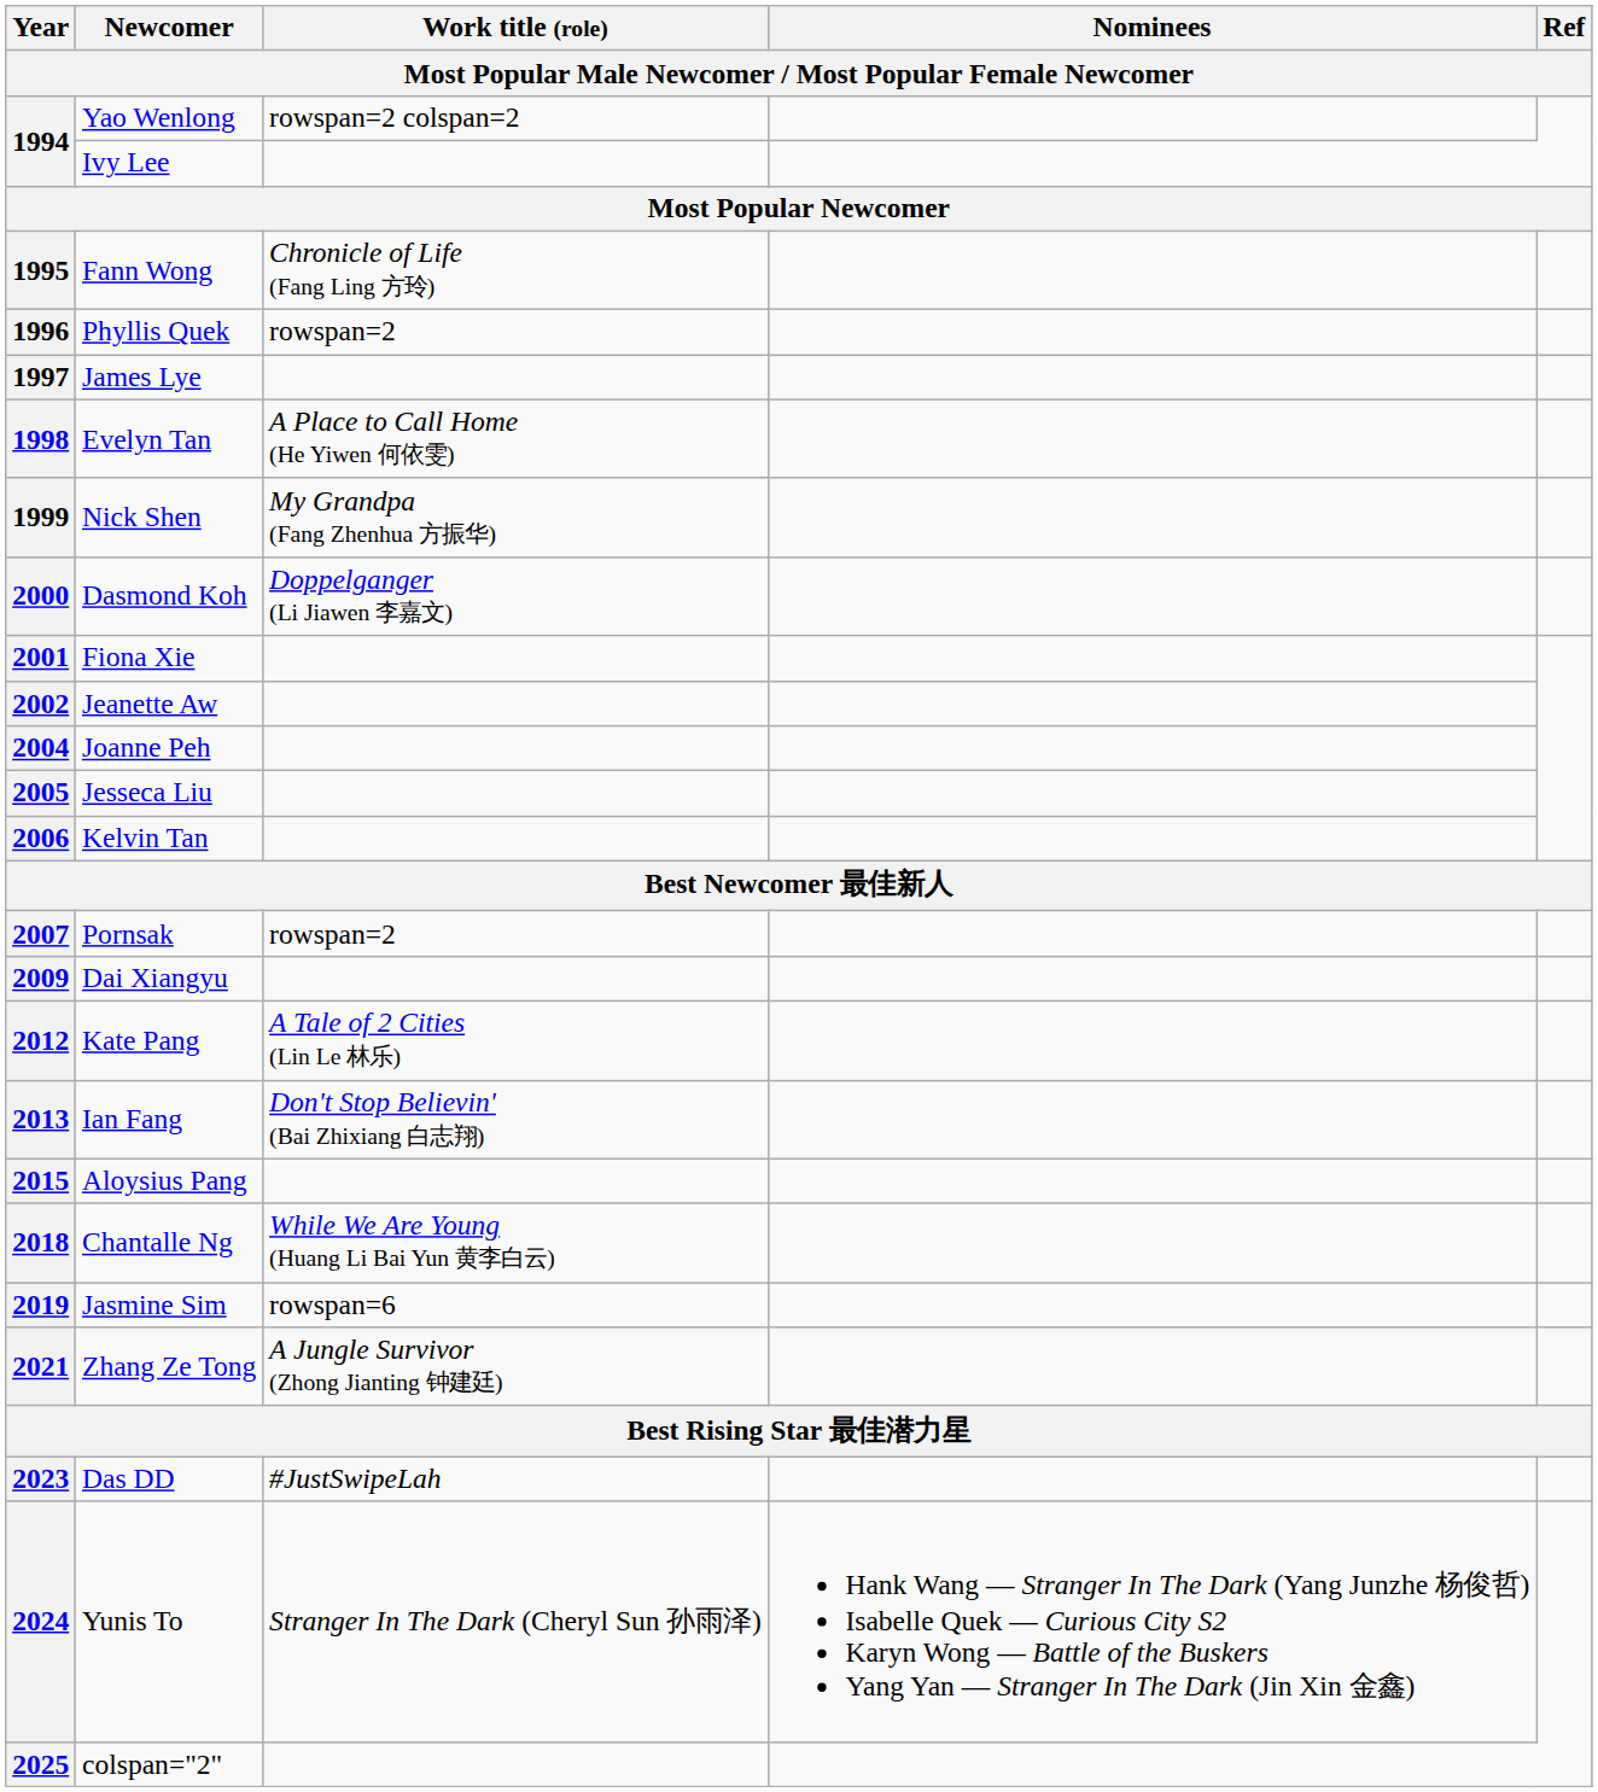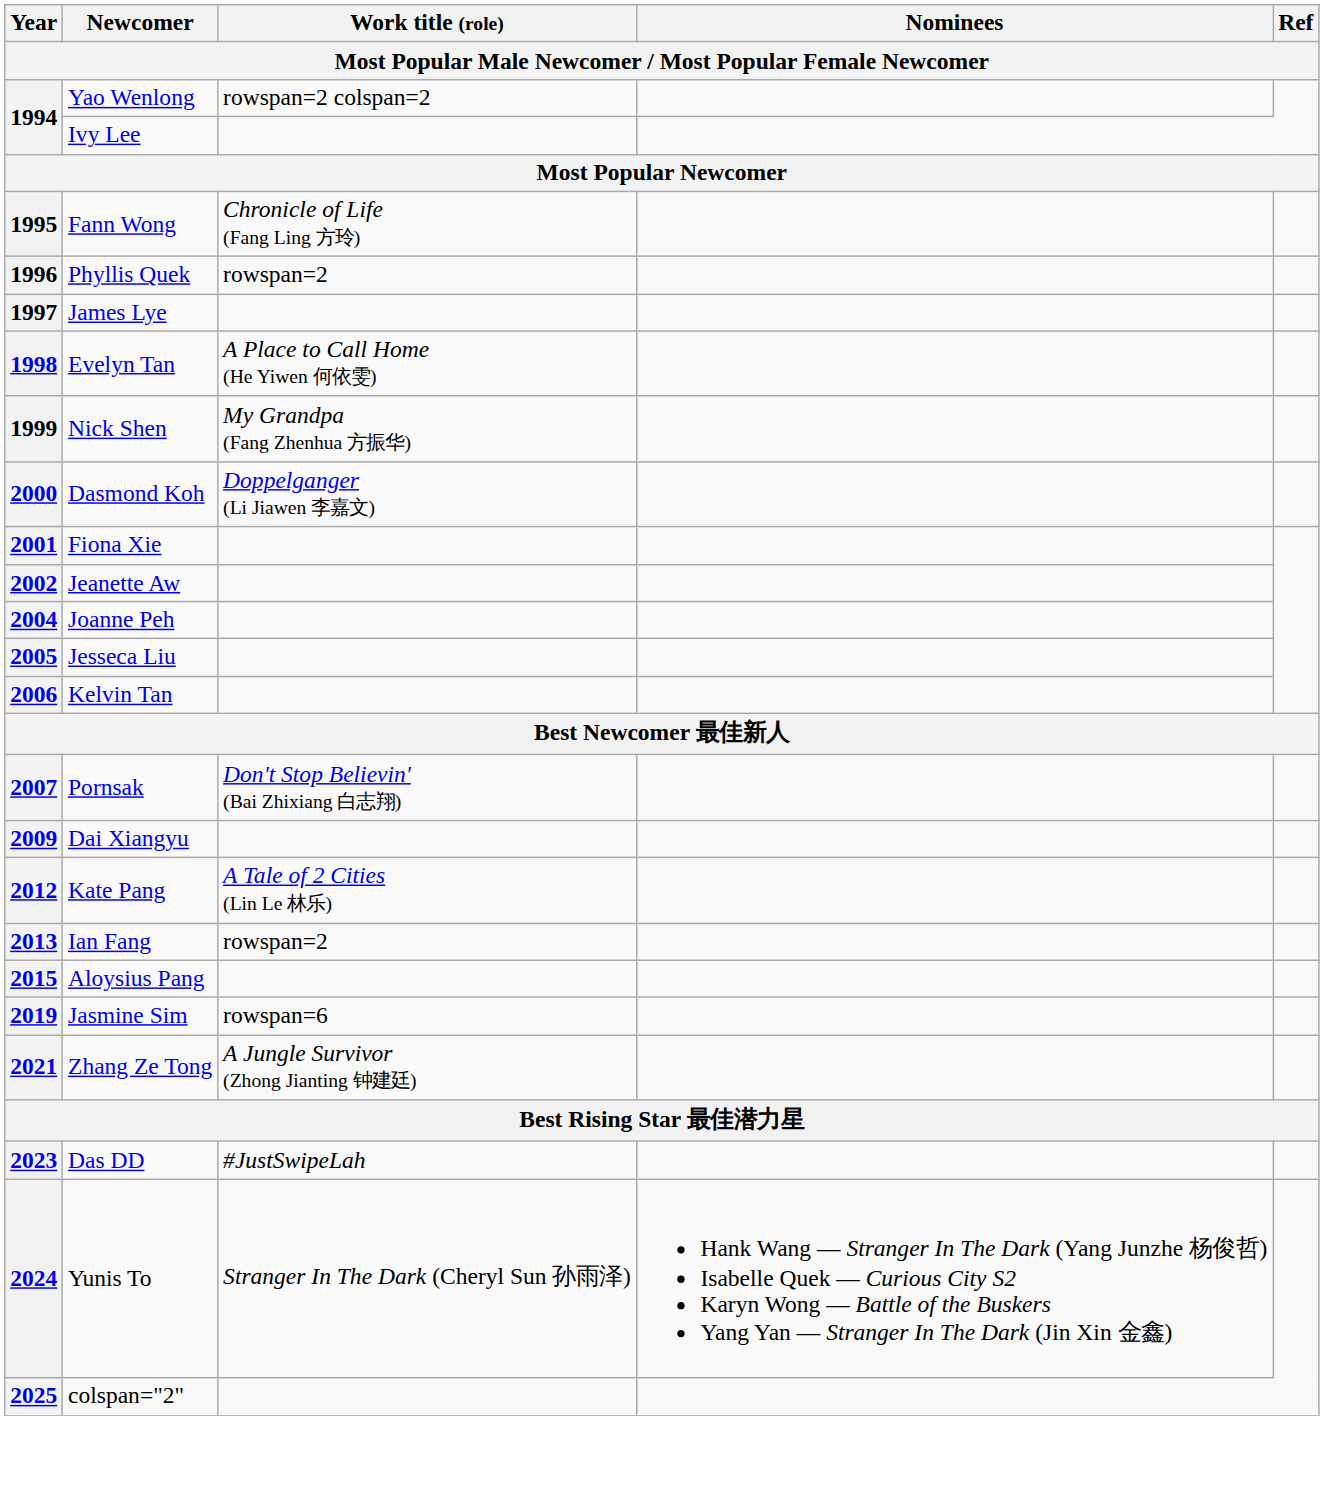 <table class="wikitable sortable">
 <tr>
 <th>Year</th>
 <th>Newcomer</th>
 <th>Work title <small>(role)</small></th>
 <th>Nominees</th>
 <th class="unsortable">Ref</th>
 </tr>
 <tr>
 <th colspan="5"><strong>Most Popular Male Newcomer / Most Popular Female Newcomer</strong></th>
 </tr>
 <tr>
 <th rowspan="2" scope="row">1994</th>
 <td><a href='#'>Yao Wenlong</a></td>
 <td>rowspan=2 colspan=2 </td>
 <td></td>
 </tr>
 <tr>
 <td><a href='#'>Ivy Lee</a></td>
 <td></td>
 </tr>
 <tr>
 <th colspan="5"><strong>Most Popular Newcomer</strong></th>
 </tr>
 <tr>
 <th scope="row">1995</th>
 <td><a href='#'>Fann Wong</a></td>
 <td><em>Chronicle of Life</em><br><small>(Fang Ling 方玲)</small></td>
 <td></td>
 <td></td>
 </tr>
 <tr>
 <th scope="row">1996</th>
 <td><a href='#'>Phyllis Quek</a></td>
 <td>rowspan=2 </td>
 <td></td>
 <td></td>
 </tr>
 <tr>
 <th scope="row">1997</th>
 <td><a href='#'>James Lye</a></td>
 <td></td>
 <td></td>
 </tr>
 <tr>
 <th scope="row"><a href='#'>1998</a></th>
 <td><a href='#'>Evelyn Tan</a></td>
 <td><em>A Place to Call Home</em><br><small>(He Yiwen 何依雯)</small></td>
 <td></td>
 <td></td>
 </tr>
 <tr>
 <th scope="row">1999</th>
 <td><a href='#'>Nick Shen</a></td>
 <td><em>My Grandpa</em><br><small>(Fang Zhenhua 方振华)</small></td>
 <td></td>
 <td></td>
 </tr>
 <tr>
 <th scope="row"><a href='#'>2000</a></th>
 <td><a href='#'>Dasmond Koh</a></td>
 <td><em><a href='#'>Doppelganger</a></em><br><small>(Li Jiawen 李嘉文)</small></td>
 <td></td>
 <td></td>
 </tr>
 <tr>
 <th scope="row"><a href='#'>2001</a></th>
 <td><a href='#'>Fiona Xie</a></td>
 <td></td>
 <td></td>
 </tr>
 <tr>
 <th scope="row"><a href='#'>2002</a></th>
 <td><a href='#'>Jeanette Aw</a></td>
 <td></td>
 <td></td>
 </tr>
 <tr>
 <th scope="row"><a href='#'>2004</a></th>
 <td><a href='#'>Joanne Peh</a></td>
 <td></td>
 <td></td>
 </tr>
 <tr>
 <th scope="row"><a href='#'>2005</a></th>
 <td><a href='#'>Jesseca Liu</a></td>
 <td></td>
 <td></td>
 </tr>
 <tr>
 <th scope="row"><a href='#'>2006</a></th>
 <td><a href='#'>Kelvin Tan</a></td>
 <td></td>
 <td></td>
 </tr>
 <tr>
 <th colspan="5"><strong>Best Newcomer 最佳新人</strong></th>
 </tr>
 <tr>
 <th scope="row"><a href='#'>2007</a></th>
 <td><a href='#'>Pornsak</a></td>
-<td>rowspan=2 </td>
+<td><em><a href='#'>Don't Stop Believin'</a></em><br><small>(Bai Zhixiang 白志翔)</small></td>
 <td></td>
 <td></td>
 </tr>
 <tr>
 <th scope="row"><a href='#'>2009</a></th>
 <td><a href='#'>Dai Xiangyu</a></td>
 <td></td>
 <td></td>
 </tr>
 <tr>
 <th scope="row"><a href='#'>2012</a></th>
 <td><a href='#'>Kate Pang</a></td>
 <td><em><a href='#'>A Tale of 2 Cities</a> </em><br><small>(Lin Le 林乐)</small></td>
 <td></td>
 <td></td>
 </tr>
 <tr>
 <th scope="row"><a href='#'>2013</a></th>
 <td><a href='#'>Ian Fang</a></td>
-<td><em><a href='#'>Don't Stop Believin'</a></em><br><small>(Bai Zhixiang 白志翔)</small></td>
+<td>rowspan=2 </td>
 <td></td>
 <td></td>
 </tr>
 <tr>
 <th scope="row"><a href='#'>2015</a></th>
 <td><a href='#'>Aloysius Pang</a></td>
 <td></td>
-<td></td>
-<td></td>
-</tr>
-<tr>
-<th scope="row"><a href='#'>2018</a></th>
-<td><a href='#'>Chantalle Ng</a></td>
-<td><em><a href='#'>While We Are Young</a></em><br><small>(Huang Li Bai Yun 黄李白云)</small></td>
 <td></td>
 <td></td>
 </tr>
 <tr>
 <th scope="row"><a href='#'>2019</a></th>
 <td><a href='#'>Jasmine Sim</a></td>
 <td>rowspan=6 </td>
 <td></td>
 <td></td>
 </tr>
 <tr>
 <th scope="row"><a href='#'>2021</a></th>
 <td><a href='#'>Zhang Ze Tong</a></td>
 <td><em>A Jungle Survivor</em><br><small>(Zhong Jianting 钟建廷)</small></td>
 <td></td>
 <td></td>
 </tr>
 <tr>
 <th colspan="5">Best Rising Star 最佳潜力星</th>
 </tr>
 <tr>
 <th scope="row"><a href='#'>2023</a></th>
 <td><a href='#'>Das DD</a></td>
 <td><em>#JustSwipeLah</em></td>
 <td></td>
 <td></td>
 </tr>
 <tr>
 <th scope="row"><a href='#'>2024</a></th>
 <td>Yunis To</td>
 <td><em>Stranger In The Dark</em> (Cheryl Sun 孙雨泽)</td>
 <td {{smalldiv><br><ul><li>Hank Wang  — <em>Stranger In The Dark</em> (Yang Junzhe 杨俊哲)</li><li>Isabelle Quek  — <em>Curious City S2</em></li><li>Karyn Wong  — <em>Battle of the Buskers</em></li><li>Yang Yan  — <em>Stranger In The Dark</em> (Jin Xin 金鑫)</li></ul></td>
 </tr>
 <tr>
 <th scope="row"><a href='#'>2025</a></th>
 <td>colspan="2" </td>
 <td></td>
 </tr>
 </table>
